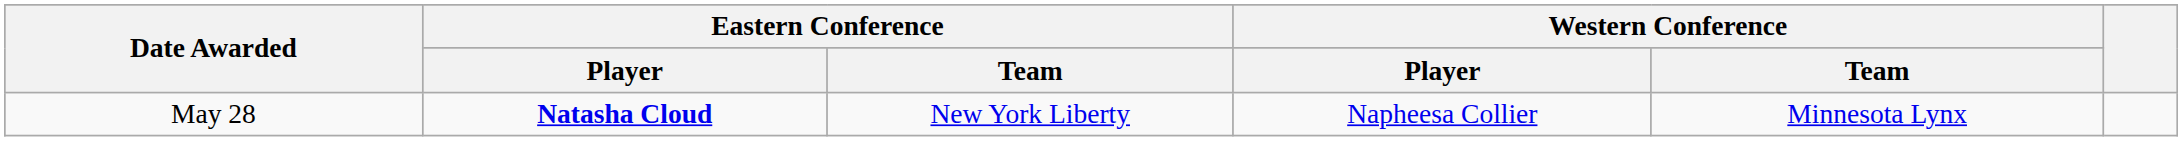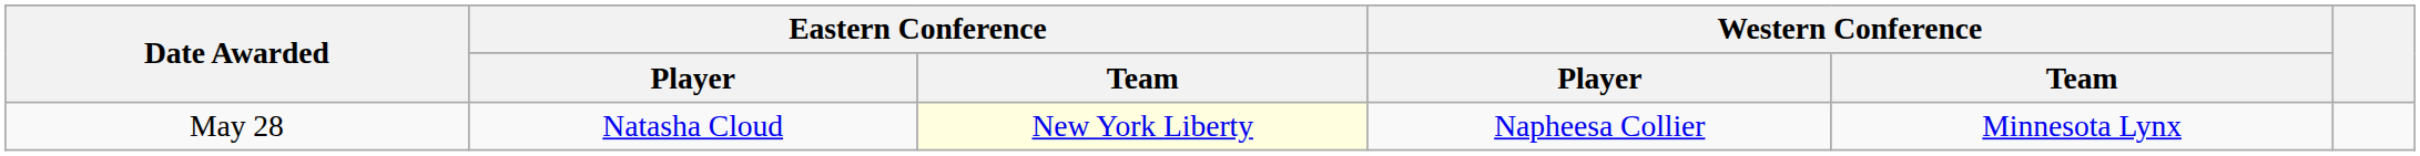 <table class="wikitable" style="width: 100%; text-align:center;">
 <tr>
 <th rowspan=2 width=60>Date Awarded</th>
 <th colspan=2 width=120>Eastern Conference</th>
 <th colspan=2 width=120>Western Conference</th>
 <th rowspan=2 width=5></th>
 </tr>
 <tr>
 <th width=60>Player</th>
 <th width=60>Team</th>
 <th width=60>Player</th>
 <th width=60>Team</th>
 </tr>
 <tr>
 <td>May 28</td>
-<td><strong><a href='#'>Natasha Cloud</a></strong></td>
-<td><a href='#'>New York Liberty</a></td>
+<td><a href='#'>Natasha Cloud</a></td>
+<td style="background: lightyellow;"><a href='#'>New York Liberty</a></td>
 <td><a href='#'>Napheesa Collier</a></td>
 <td><a href='#'>Minnesota Lynx</a></td>
 <td></td>
 </tr>
 </table>
